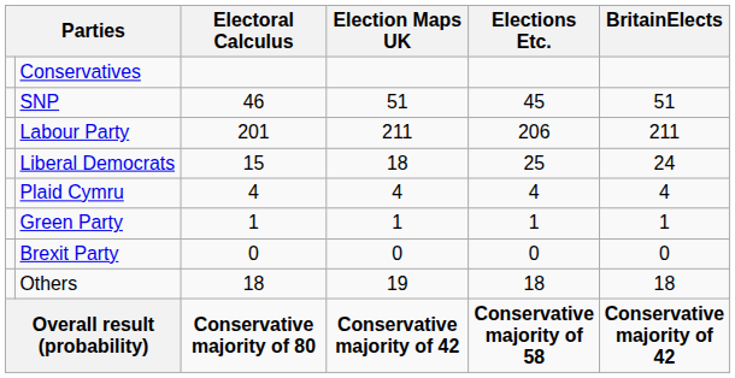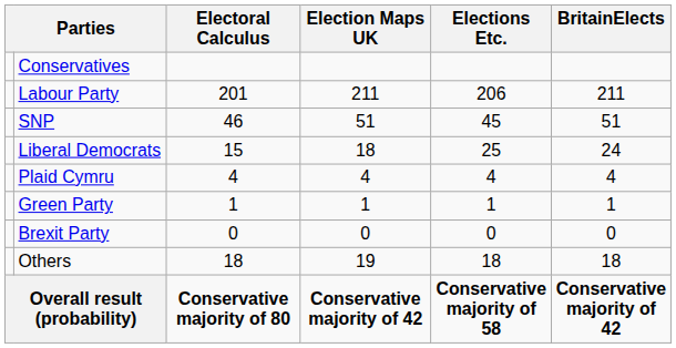 <table class="wikitable">
 <tr>
 <th colspan="2">Parties</th>
 <th style="vertical-align:top;">Electoral Calculus<br></th>
 <th style="vertical-align:top;">Election Maps UK<br></th>
 <th style="vertical-align:top;">Elections Etc.<br></th>
 <th style="vertical-align:top;">BritainElects<br></th>
 </tr>
 <tr>
 <td style="color:inherit;background:"></td>
 <td><a href='#'>Conservatives</a></td>
 <td></td>
 <td></td>
 <td></td>
 <td></td>
 </tr>
 <tr>
 <td style="color:inherit;background:"></td>
+<td><a href='#'>Labour Party</a></td>
+<td style="text-align:center;">201</td>
+<td style="text-align:center;">211</td>
+<td style="text-align:center;">206</td>
+<td style="text-align:center;">211</td>
+</tr>
+<tr>
+<td style="color:inherit;background:"></td>
 <td><a href='#'>SNP</a></td>
 <td style="text-align:center;">46</td>
 <td style="text-align:center;">51</td>
 <td style="text-align:center;">45</td>
 <td style="text-align:center;">51</td>
-</tr>
-<tr>
-<td style="color:inherit;background:"></td>
-<td><a href='#'>Labour Party</a></td>
-<td style="text-align:center;">201</td>
-<td style="text-align:center;">211</td>
-<td style="text-align:center;">206</td>
-<td style="text-align:center;">211</td>
 </tr>
 <tr>
 <td style="color:inherit;background:"></td>
 <td><a href='#'>Liberal Democrats</a></td>
 <td style="text-align:center;">15</td>
 <td style="text-align:center;">18</td>
 <td style="text-align:center;">25</td>
 <td style="text-align:center;">24</td>
 </tr>
 <tr>
 <td style="color:inherit;background:"></td>
 <td><a href='#'>Plaid Cymru</a></td>
 <td style="text-align:center;">4</td>
 <td style="text-align:center;">4</td>
 <td style="text-align:center;">4</td>
 <td style="text-align:center;">4</td>
 </tr>
 <tr>
 <td style="color:inherit;background:"></td>
 <td><a href='#'>Green Party</a></td>
 <td style="text-align:center;">1</td>
 <td style="text-align:center;">1</td>
 <td style="text-align:center;">1</td>
 <td style="text-align:center;">1</td>
 </tr>
 <tr>
 <td style="color:inherit;background:"></td>
 <td><a href='#'>Brexit Party</a></td>
 <td style="text-align:center;">0</td>
 <td style="text-align:center;">0</td>
 <td style="text-align:center;">0</td>
 <td style="text-align:center;">0</td>
 </tr>
 <tr>
 <td style="color:inherit;background:"></td>
 <td>Others</td>
 <td style="text-align:center;">18</td>
 <td style="text-align:center;">19</td>
 <td style="text-align:center;">18</td>
 <td style="text-align:center;">18</td>
 </tr>
 <tr>
 <th colspan="2">Overall result (probability)</th>
 <td style="text-align:center; background:"><strong>Conservative <br> majority of 80</strong></td>
 <td style="text-align:center; background:"><strong>Conservative <br> majority of 42</strong></td>
 <td style="text-align:center; background:"><strong>Conservative <br> majority of 58</strong></td>
 <td style="text-align:center; background:"><strong>Conservative <br> majority of 42</strong></td>
 </tr>
 </table>
